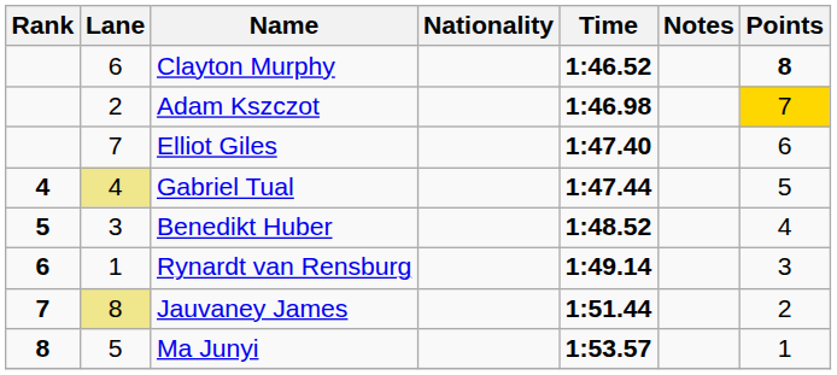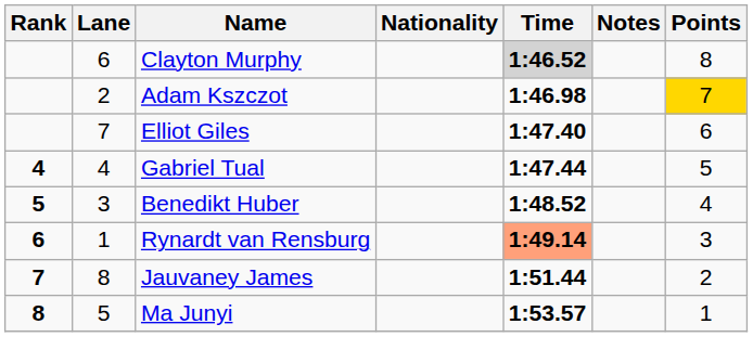 <table class="wikitable sortable" style="text-align:center">
 <tr>
 <th>Rank</th>
 <th>Lane</th>
 <th>Name</th>
 <th>Nationality</th>
 <th>Time</th>
 <th>Notes</th>
 <th>Points</th>
 </tr>
 <tr>
 <td></td>
 <td>6</td>
 <td align=left><a href='#'>Clayton Murphy</a></td>
 <td align=left></td>
-<td><strong>1:46.52</strong></td>
+<td style="background: lightgrey;"><strong>1:46.52</strong></td>
 <td></td>
-<td><strong>8</strong></td>
+<td>8</td>
 </tr>
 <tr>
 <td></td>
 <td>2</td>
 <td align=left><a href='#'>Adam Kszczot</a></td>
 <td align=left></td>
 <td><strong>1:46.98</strong></td>
 <td></td>
 <td style="background: gold;">7</td>
 </tr>
 <tr>
 <td></td>
 <td>7</td>
 <td align=left><a href='#'>Elliot Giles</a></td>
 <td align=left></td>
 <td><strong>1:47.40</strong></td>
 <td></td>
 <td>6</td>
 </tr>
 <tr>
 <td><strong>4</strong></td>
-<td style="background: khaki;">4</td>
+<td>4</td>
 <td align=left><a href='#'>Gabriel Tual</a></td>
 <td align=left></td>
 <td><strong>1:47.44</strong></td>
 <td></td>
 <td>5</td>
 </tr>
 <tr>
 <td><strong>5</strong></td>
 <td>3</td>
 <td align=left><a href='#'>Benedikt Huber</a></td>
 <td align=left></td>
 <td><strong>1:48.52</strong></td>
 <td></td>
 <td>4</td>
 </tr>
 <tr>
 <td><strong>6</strong></td>
 <td>1</td>
 <td align=left><a href='#'>Rynardt van Rensburg</a></td>
 <td align=left></td>
-<td><strong>1:49.14</strong></td>
+<td style="background: lightsalmon;"><strong>1:49.14</strong></td>
 <td></td>
 <td>3</td>
 </tr>
 <tr>
 <td><strong>7</strong></td>
-<td style="background: khaki;">8</td>
+<td>8</td>
 <td align=left><a href='#'>Jauvaney James</a></td>
 <td align=left></td>
 <td><strong>1:51.44</strong></td>
 <td></td>
 <td>2</td>
 </tr>
 <tr>
 <td><strong>8</strong></td>
 <td>5</td>
 <td align=left><a href='#'>Ma Junyi</a></td>
 <td align=left></td>
 <td><strong>1:53.57</strong></td>
 <td></td>
 <td>1</td>
 </tr>
 <tr>
 </tr>
 </table>
